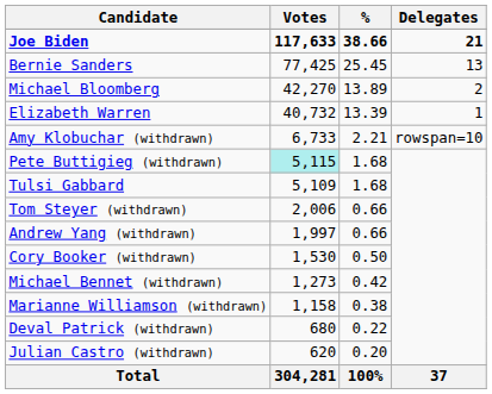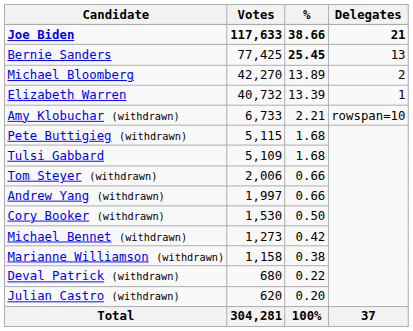 <table class="wikitable sortable" style="text-align:right;">
 <tr>
 <th>Candidate</th>
 <th>Votes</th>
 <th>%</th>
 <th>Delegates</th>
 </tr>
 <tr>
 </tr>
 <tr>
 <td style="text-align:left;" data-sort-value="Biden, Joe"><strong><a href='#'>Joe Biden</a></strong></td>
 <td><strong>117,633</strong></td>
 <td><strong>38.66</strong></td>
 <td><strong>21</strong></td>
 </tr>
 <tr>
 <td style="text-align:left;" data-sort-value="Sanders, Bernie"><a href='#'>Bernie Sanders</a></td>
 <td>77,425</td>
-<td>25.45</td>
+<td><strong>25.45</strong></td>
 <td>13</td>
 </tr>
 <tr>
 <td style="text-align:left;" data-sort-value="Bloomberg, Michael"><a href='#'>Michael Bloomberg</a></td>
 <td>42,270</td>
 <td>13.89</td>
 <td>2</td>
 </tr>
 <tr>
 <td style="text-align:left;" data-sort-value="Warren, Elizabeth"><a href='#'>Elizabeth Warren</a></td>
 <td>40,732</td>
 <td>13.39</td>
 <td>1</td>
 </tr>
 <tr>
 <td style="text-align:left;" data-sort-value="Klobuchar, Amy"><a href='#'>Amy Klobuchar</a> <small>(withdrawn)</small></td>
 <td>6,733</td>
 <td>2.21</td>
 <td>rowspan=10 </td>
 </tr>
 <tr>
 <td style="text-align:left;" data-sort-value="Buttigieg, Pete"><a href='#'>Pete Buttigieg</a> <small>(withdrawn)</small></td>
-<td style="background: paleturquoise;">5,115</td>
+<td>5,115</td>
 <td>1.68</td>
 </tr>
 <tr>
 <td style="text-align:left;" data-sort-value="Gabbard, Tulsi"><a href='#'>Tulsi Gabbard</a></td>
 <td>5,109</td>
 <td>1.68</td>
 </tr>
 <tr>
 <td style="text-align:left;" data-sort-value="Steyer, Tom"><a href='#'>Tom Steyer</a> <small>(withdrawn)</small></td>
 <td>2,006</td>
 <td>0.66</td>
 </tr>
 <tr>
 <td style="text-align:left;" data-sort-value="Yang, Andrew"><a href='#'>Andrew Yang</a> <small>(withdrawn)</small></td>
 <td>1,997</td>
 <td>0.66</td>
 </tr>
 <tr>
 <td style="text-align:left;" data-sort-value="Booker, Cory"><a href='#'>Cory Booker</a> <small>(withdrawn)</small></td>
 <td>1,530</td>
 <td>0.50</td>
 </tr>
 <tr>
 <td style="text-align:left;" data-sort-value="Bennet, Michael"><a href='#'>Michael Bennet</a> <small>(withdrawn)</small></td>
 <td>1,273</td>
 <td>0.42</td>
 </tr>
 <tr>
 <td style="text-align:left;" data-sort-value="Williamson, Marianne"><a href='#'>Marianne Williamson</a> <small>(withdrawn)</small></td>
 <td>1,158</td>
 <td>0.38</td>
 </tr>
 <tr>
 <td style="text-align:left;" data-sort-value="Patrick, Deval"><a href='#'>Deval Patrick</a> <small>(withdrawn)</small></td>
 <td>680</td>
 <td>0.22</td>
 </tr>
 <tr>
 <td style="text-align:left;" data-sort-value="Castro, Julian"><a href='#'>Julian Castro</a> <small>(withdrawn)</small></td>
 <td>620</td>
 <td>0.20</td>
 </tr>
 <tr>
 <th>Total</th>
 <th>304,281</th>
 <th>100%</th>
 <th>37</th>
 </tr>
 </table>
